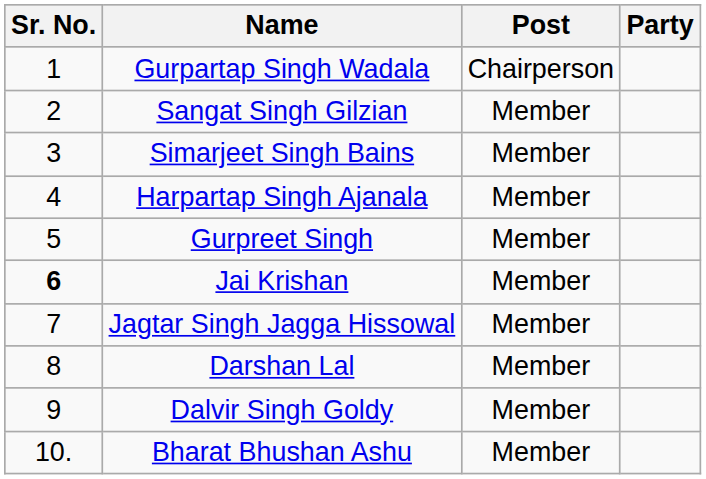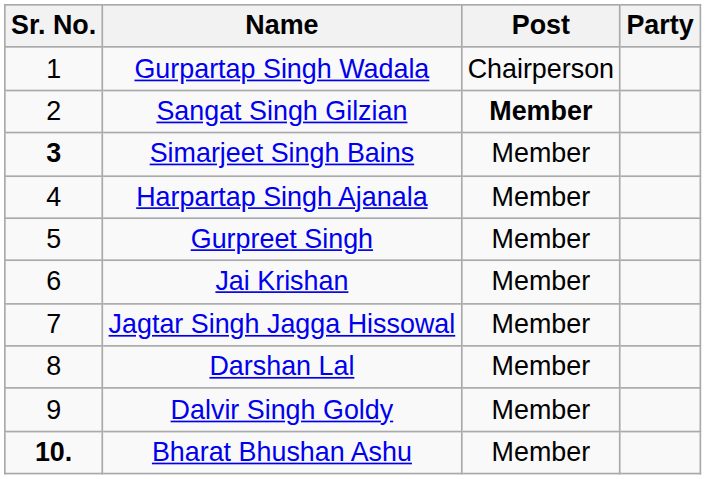 <table class="wikitable sortable">
 <tr>
 <th>Sr. No.</th>
 <th>Name</th>
 <th>Post</th>
 <th colspan="2">Party</th>
 </tr>
 <tr align="center">
 <td>1</td>
 <td><a href='#'>Gurpartap Singh Wadala</a></td>
 <td>Chairperson</td>
 <td></td>
 </tr>
 <tr align="center">
 <td>2</td>
 <td><a href='#'>Sangat Singh Gilzian</a></td>
-<td>Member</td>
+<td><strong>Member</strong></td>
 <td></td>
 </tr>
 <tr align="center">
-<td>3</td>
+<td><strong>3</strong></td>
 <td><a href='#'>Simarjeet Singh Bains</a></td>
 <td>Member</td>
 <td></td>
 </tr>
 <tr align="center">
 <td>4</td>
 <td><a href='#'>Harpartap Singh Ajanala</a></td>
 <td>Member</td>
 <td></td>
 </tr>
 <tr align="center">
 <td>5</td>
 <td><a href='#'>Gurpreet Singh</a></td>
 <td>Member</td>
 <td></td>
 </tr>
 <tr align="center">
-<td><strong>6</strong></td>
+<td>6</td>
 <td><a href='#'>Jai Krishan</a></td>
 <td>Member</td>
 <td></td>
 </tr>
 <tr align="center">
 <td>7</td>
 <td><a href='#'>Jagtar Singh Jagga Hissowal</a></td>
 <td>Member</td>
 <td></td>
 </tr>
 <tr align="center">
 <td>8</td>
 <td><a href='#'>Darshan Lal</a></td>
 <td>Member</td>
 <td></td>
 </tr>
 <tr align="center">
 <td>9</td>
 <td><a href='#'>Dalvir Singh Goldy</a></td>
 <td>Member</td>
 <td></td>
 </tr>
 <tr align="center">
-<td>10.</td>
+<td><strong>10.</strong></td>
 <td><a href='#'>Bharat Bhushan Ashu</a></td>
 <td>Member</td>
 <td></td>
 </tr>
 </table>
